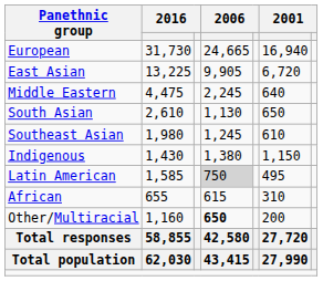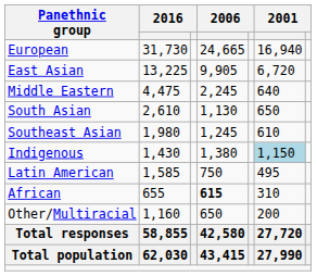 <table class="wikitable sortable">
 <tr>
 <th rowspan="2"><a href='#'>Panethnic</a><br>group</th>
 <th colspan="2">2016</th>
 <th colspan="2">2006</th>
 <th colspan="2">2001</th>
 </tr>
 <tr>
 <th><a href='#'></a></th>
 <th></th>
 <th></th>
 <th></th>
 <th></th>
 <th></th>
 </tr>
 <tr>
 <td><a href='#'>European</a></td>
 <td>31,730</td>
 <td></td>
 <td>24,665</td>
 <td></td>
 <td>16,940</td>
 <td></td>
 </tr>
 <tr>
 <td><a href='#'>East Asian</a></td>
 <td>13,225</td>
 <td></td>
 <td>9,905</td>
 <td></td>
 <td>6,720</td>
 <td></td>
 </tr>
 <tr>
 <td><a href='#'>Middle Eastern</a></td>
 <td>4,475</td>
 <td></td>
 <td>2,245</td>
 <td></td>
 <td>640</td>
 <td></td>
 </tr>
 <tr>
 <td><a href='#'>South Asian</a></td>
 <td>2,610</td>
 <td></td>
 <td>1,130</td>
 <td></td>
 <td>650</td>
 <td></td>
 </tr>
 <tr>
 <td><a href='#'>Southeast Asian</a></td>
 <td>1,980</td>
 <td></td>
 <td>1,245</td>
 <td></td>
 <td>610</td>
 <td></td>
 </tr>
 <tr>
 <td><a href='#'>Indigenous</a></td>
 <td>1,430</td>
 <td></td>
 <td>1,380</td>
 <td></td>
-<td>1,150</td>
+<td style="background: lightblue;">1,150</td>
 <td></td>
 </tr>
 <tr>
 <td><a href='#'>Latin American</a></td>
 <td>1,585</td>
 <td></td>
-<td style="background: lightgrey;">750</td>
+<td>750</td>
 <td></td>
 <td>495</td>
 <td></td>
 </tr>
 <tr>
 <td><a href='#'>African</a></td>
 <td>655</td>
 <td></td>
-<td>615</td>
+<td><strong>615</strong></td>
 <td></td>
 <td>310</td>
 <td></td>
 </tr>
 <tr>
 <td>Other/<a href='#'>Multiracial</a></td>
 <td>1,160</td>
 <td></td>
-<td><strong>650</strong></td>
+<td>650</td>
 <td></td>
 <td>200</td>
 <td></td>
 </tr>
 <tr>
 <th>Total responses</th>
 <th>58,855</th>
 <th></th>
 <th>42,580</th>
 <th></th>
 <th>27,720</th>
 <th></th>
 </tr>
 <tr>
 <th>Total population</th>
 <th>62,030</th>
 <th></th>
 <th>43,415</th>
 <th></th>
 <th>27,990</th>
 <th></th>
 </tr>
 <tr class="sortbottom">
 <td colspan="10"></td>
 </tr>
 </table>
